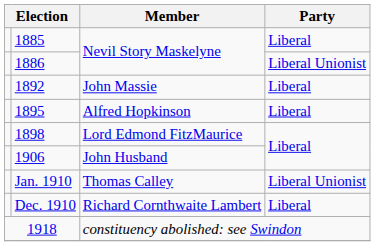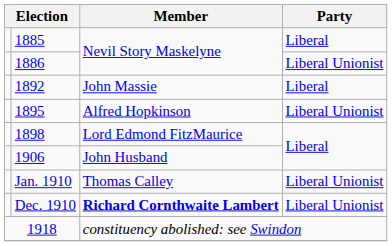 <table class="wikitable">
 <tr>
 <th colspan="2">Election</th>
 <th>Member</th>
 <th>Party</th>
 </tr>
 <tr>
 <td style="color:inherit;background-color: "></td>
 <td><a href='#'>1885</a></td>
 <td rowspan="2"><a href='#'>Nevil Story Maskelyne</a></td>
 <td><a href='#'>Liberal</a></td>
 </tr>
 <tr>
 <td style="color:inherit;background-color: "></td>
 <td><a href='#'>1886</a></td>
 <td><a href='#'>Liberal Unionist</a></td>
 </tr>
 <tr>
 <td style="color:inherit;background-color: "></td>
 <td><a href='#'>1892</a></td>
 <td><a href='#'>John Massie</a></td>
 <td><a href='#'>Liberal</a></td>
 </tr>
 <tr>
 <td style="color:inherit;background-color: "></td>
 <td><a href='#'>1895</a></td>
 <td><a href='#'>Alfred Hopkinson</a></td>
-<td><a href='#'>Liberal</a></td>
+<td><a href='#'>Liberal Unionist</a></td>
 </tr>
 <tr>
 <td style="color:inherit;background-color: "></td>
 <td><a href='#'>1898</a></td>
 <td><a href='#'>Lord Edmond FitzMaurice</a></td>
 <td rowspan="2"><a href='#'>Liberal</a></td>
 </tr>
 <tr>
 <td style="color:inherit;background-color: "></td>
 <td><a href='#'>1906</a></td>
 <td><a href='#'>John Husband</a></td>
 </tr>
 <tr>
 <td style="color:inherit;background-color: "></td>
 <td><a href='#'>Jan. 1910</a></td>
 <td><a href='#'>Thomas Calley</a></td>
 <td><a href='#'>Liberal Unionist</a></td>
 </tr>
 <tr>
 <td style="color:inherit;background-color: "></td>
 <td><a href='#'>Dec. 1910</a></td>
-<td><a href='#'>Richard Cornthwaite Lambert</a></td>
-<td><a href='#'>Liberal</a></td>
+<td><strong><a href='#'>Richard Cornthwaite Lambert</a></strong></td>
+<td><a href='#'>Liberal Unionist</a></td>
 </tr>
 <tr>
 <td colspan="2" align="center"><a href='#'>1918</a></td>
 <td colspan="2"><em>constituency abolished: see <a href='#'>Swindon</a></em></td>
 </tr>
 <tr>
 </tr>
 </table>
